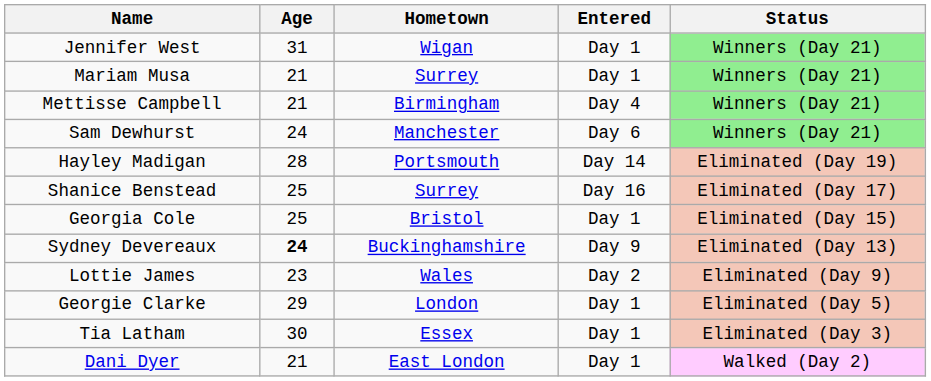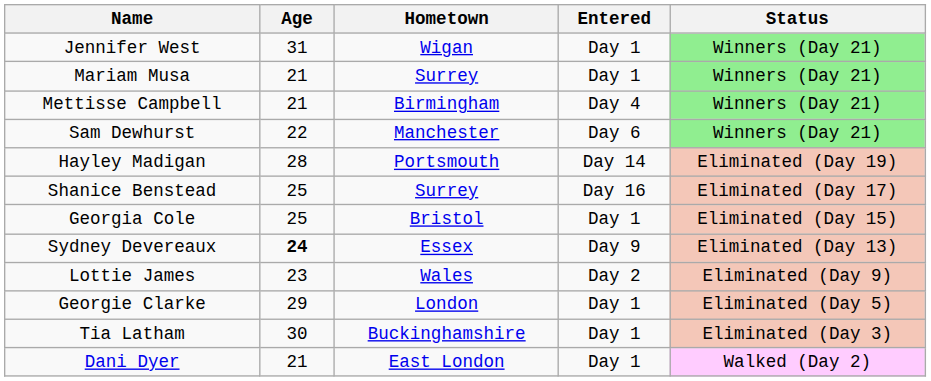 <table class="wikitable sortable plainrowheaders" style="text-align:center; width:54%;">
 <tr>
 <th scope="col" style="width:17%;">Name</th>
 <th scope="col" style="width:5%;">Age</th>
 <th scope="col" style="width:10%;">Hometown</th>
 <th scope="col" style="width:5%;">Entered</th>
 <th scope="col" style="width:17%;">Status</th>
 </tr>
 <tr>
 <td scope="row">Jennifer West</td>
 <td>31</td>
 <td><a href='#'>Wigan</a></td>
 <td>Day 1</td>
 <td style="background:lightgreen">Winners (Day 21)</td>
 </tr>
 <tr>
 <td scope="row">Mariam Musa</td>
 <td>21</td>
 <td><a href='#'>Surrey</a></td>
 <td>Day 1</td>
 <td style="background:lightgreen">Winners (Day 21)</td>
 </tr>
 <tr>
 <td scope="row">Mettisse Campbell</td>
 <td>21</td>
 <td><a href='#'>Birmingham</a></td>
 <td>Day 4</td>
 <td style="background:lightgreen">Winners (Day 21)</td>
 </tr>
 <tr>
 <td scope="row">Sam Dewhurst</td>
-<td>24</td>
+<td>22</td>
 <td><a href='#'>Manchester</a></td>
 <td>Day 6</td>
 <td style="background:lightgreen">Winners (Day 21)</td>
 </tr>
 <tr>
 <td scope="row">Hayley Madigan</td>
 <td>28</td>
 <td><a href='#'>Portsmouth</a></td>
 <td>Day 14</td>
 <td style="background:#f4c7b8;">Eliminated (Day 19)</td>
 </tr>
 <tr>
 <td scope="row">Shanice Benstead</td>
 <td>25</td>
 <td><a href='#'>Surrey</a></td>
 <td>Day 16</td>
 <td style="background:#f4c7b8;">Eliminated (Day 17)</td>
 </tr>
 <tr>
 <td scope="row">Georgia Cole</td>
 <td>25</td>
 <td><a href='#'>Bristol</a></td>
 <td>Day 1</td>
 <td style="background:#f4c7b8;">Eliminated (Day 15)</td>
 </tr>
 <tr>
 <td scope="row">Sydney Devereaux</td>
 <td><strong>24</strong></td>
-<td><a href='#'>Buckinghamshire</a></td>
+<td><a href='#'>Essex</a></td>
 <td>Day 9</td>
 <td style="background:#f4c7b8;">Eliminated (Day 13)</td>
 </tr>
 <tr>
 <td scope="row">Lottie James</td>
 <td>23</td>
 <td><a href='#'>Wales</a></td>
 <td>Day 2</td>
 <td style="background:#f4c7b8;">Eliminated (Day 9)</td>
 </tr>
 <tr>
 <td scope="row">Georgie Clarke</td>
 <td>29</td>
 <td><a href='#'>London</a></td>
 <td>Day 1</td>
 <td style="background:#f4c7b8;">Eliminated (Day 5)</td>
 </tr>
 <tr>
 <td scope="row">Tia Latham</td>
 <td>30</td>
-<td><a href='#'>Essex</a></td>
+<td><a href='#'>Buckinghamshire</a></td>
 <td>Day 1</td>
 <td style="background:#f4c7b8;">Eliminated (Day 3)</td>
 </tr>
 <tr>
 <td scope="row"><a href='#'>Dani Dyer</a></td>
 <td>21</td>
 <td><a href='#'>East London</a></td>
 <td>Day 1</td>
 <td style="background:#FCF">Walked (Day 2)</td>
 </tr>
 </table>
